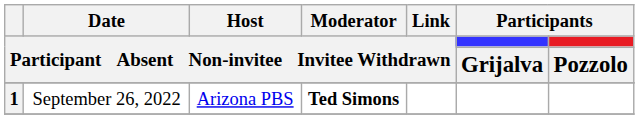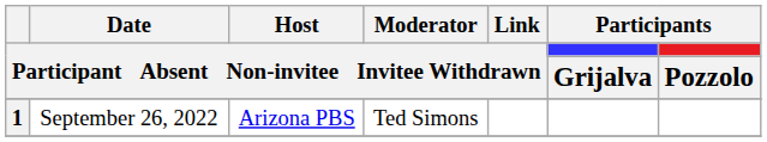 <table class="wikitable" style="text-align:center;">
 <tr style="font-size:small;">
 <th scope="col"></th>
 <th scope="col">Date</th>
 <th scope="col">Host</th>
 <th scope="col">Moderator</th>
 <th scope="col">Link</th>
 <th scope="col" colspan="4">Participants</th>
 </tr>
 <tr>
 <th colspan="5" rowspan="2"> <small>Participant  </small> <small>Absent  </small> <small>Non-invitee  </small> <small>Invitee Withdrawn</small></th>
 <th scope="col" style="background:#3333FF;"></th>
 <th scope="col" style="background:#E81B23;"></th>
 </tr>
 <tr>
 <th scope="col">Grijalva</th>
 <th scope="col">Pozzolo</th>
 </tr>
 <tr>
 </tr>
 <tr style="background:#FFFFFF;font-size:small;">
 <th scope="row">1</th>
 <td style="white-space:nowrap;">September 26, 2022</td>
 <td style="white-space:nowrap;"><a href='#'>Arizona PBS</a></td>
-<td style="white-space:nowrap;"><strong>Ted Simons</strong></td>
+<td style="white-space:nowrap;">Ted Simons</td>
 <td style="white-space:nowrap;"></td>
 <td></td>
 <td></td>
 </tr>
 <tr>
 </tr>
 </table>
